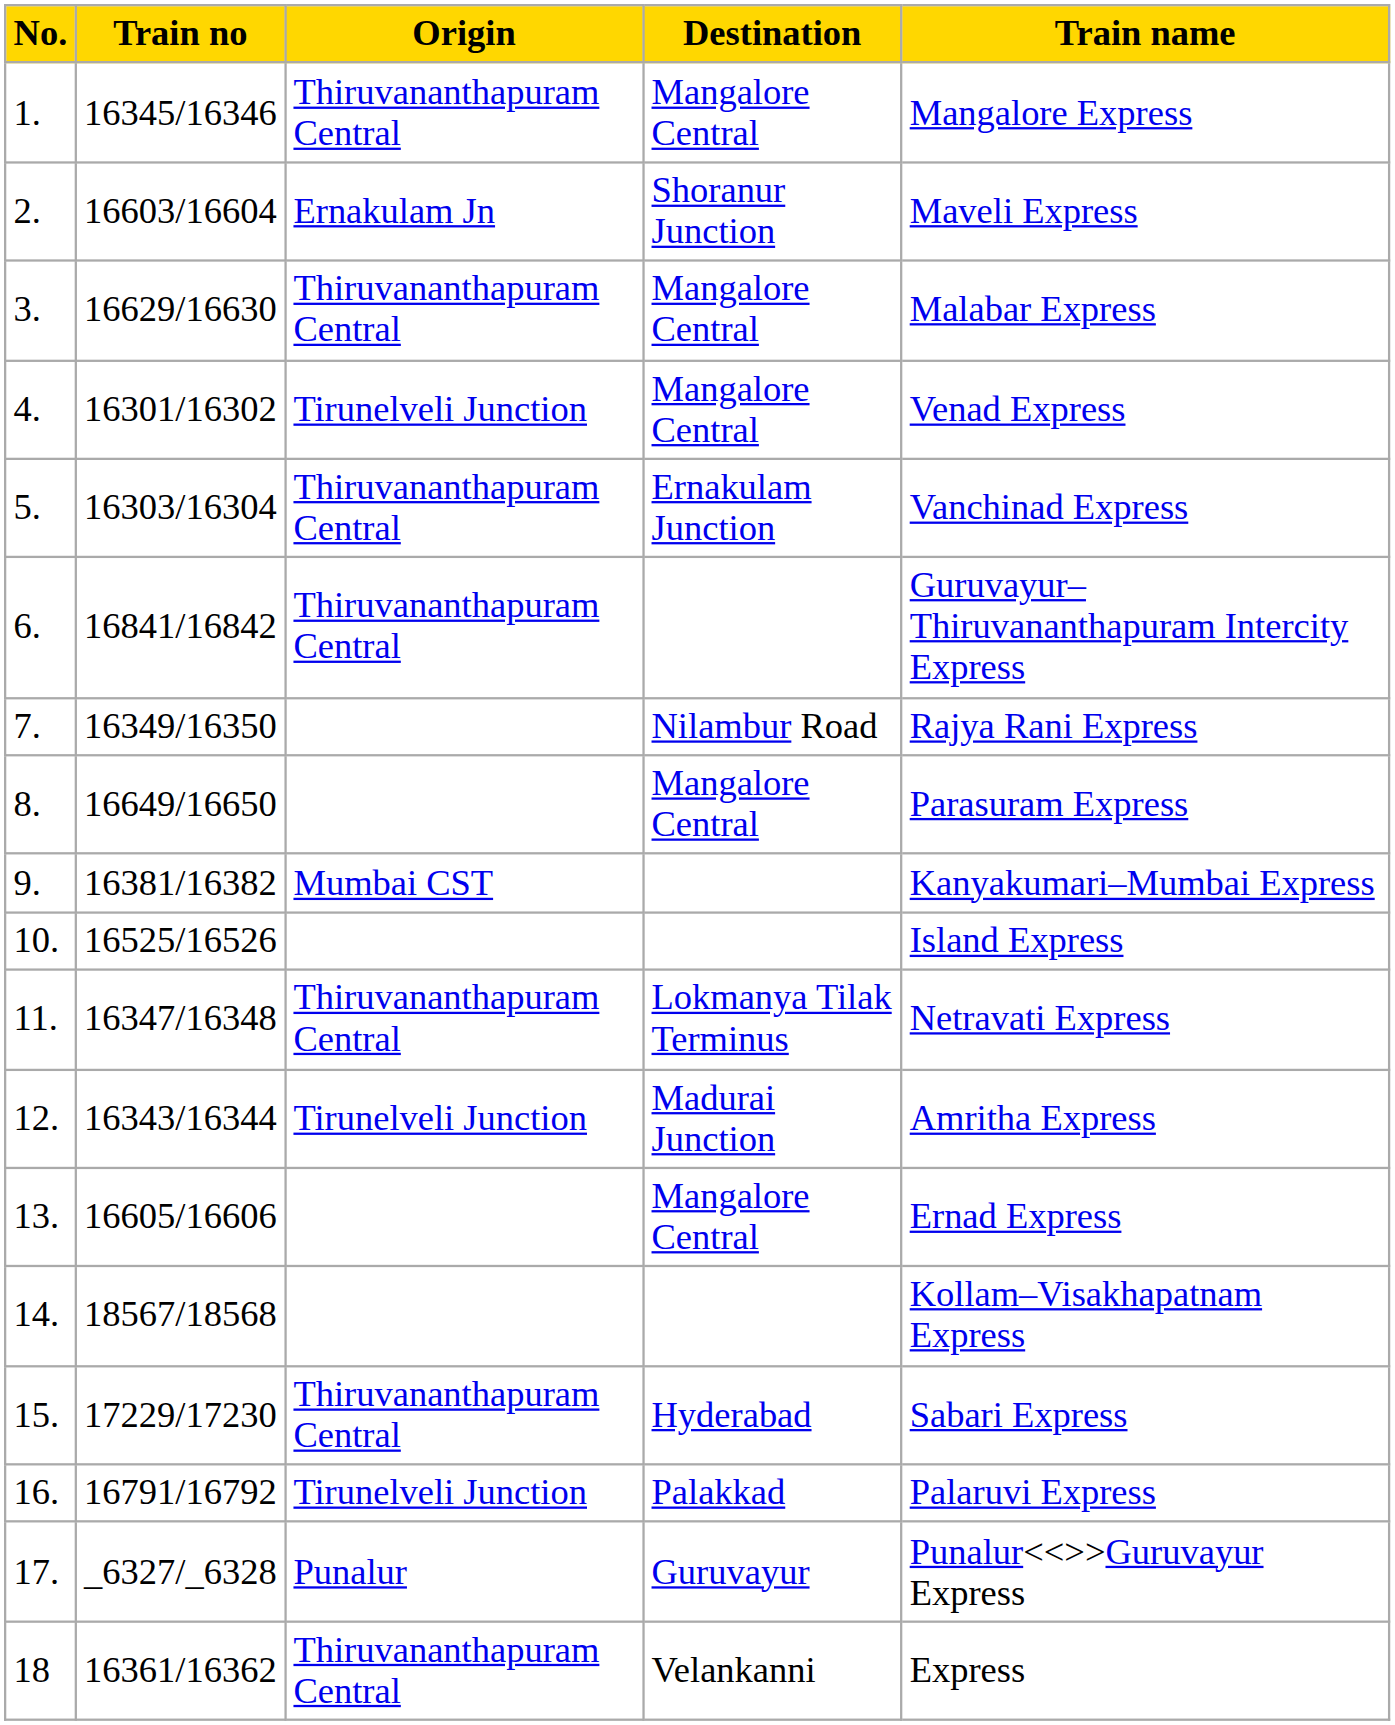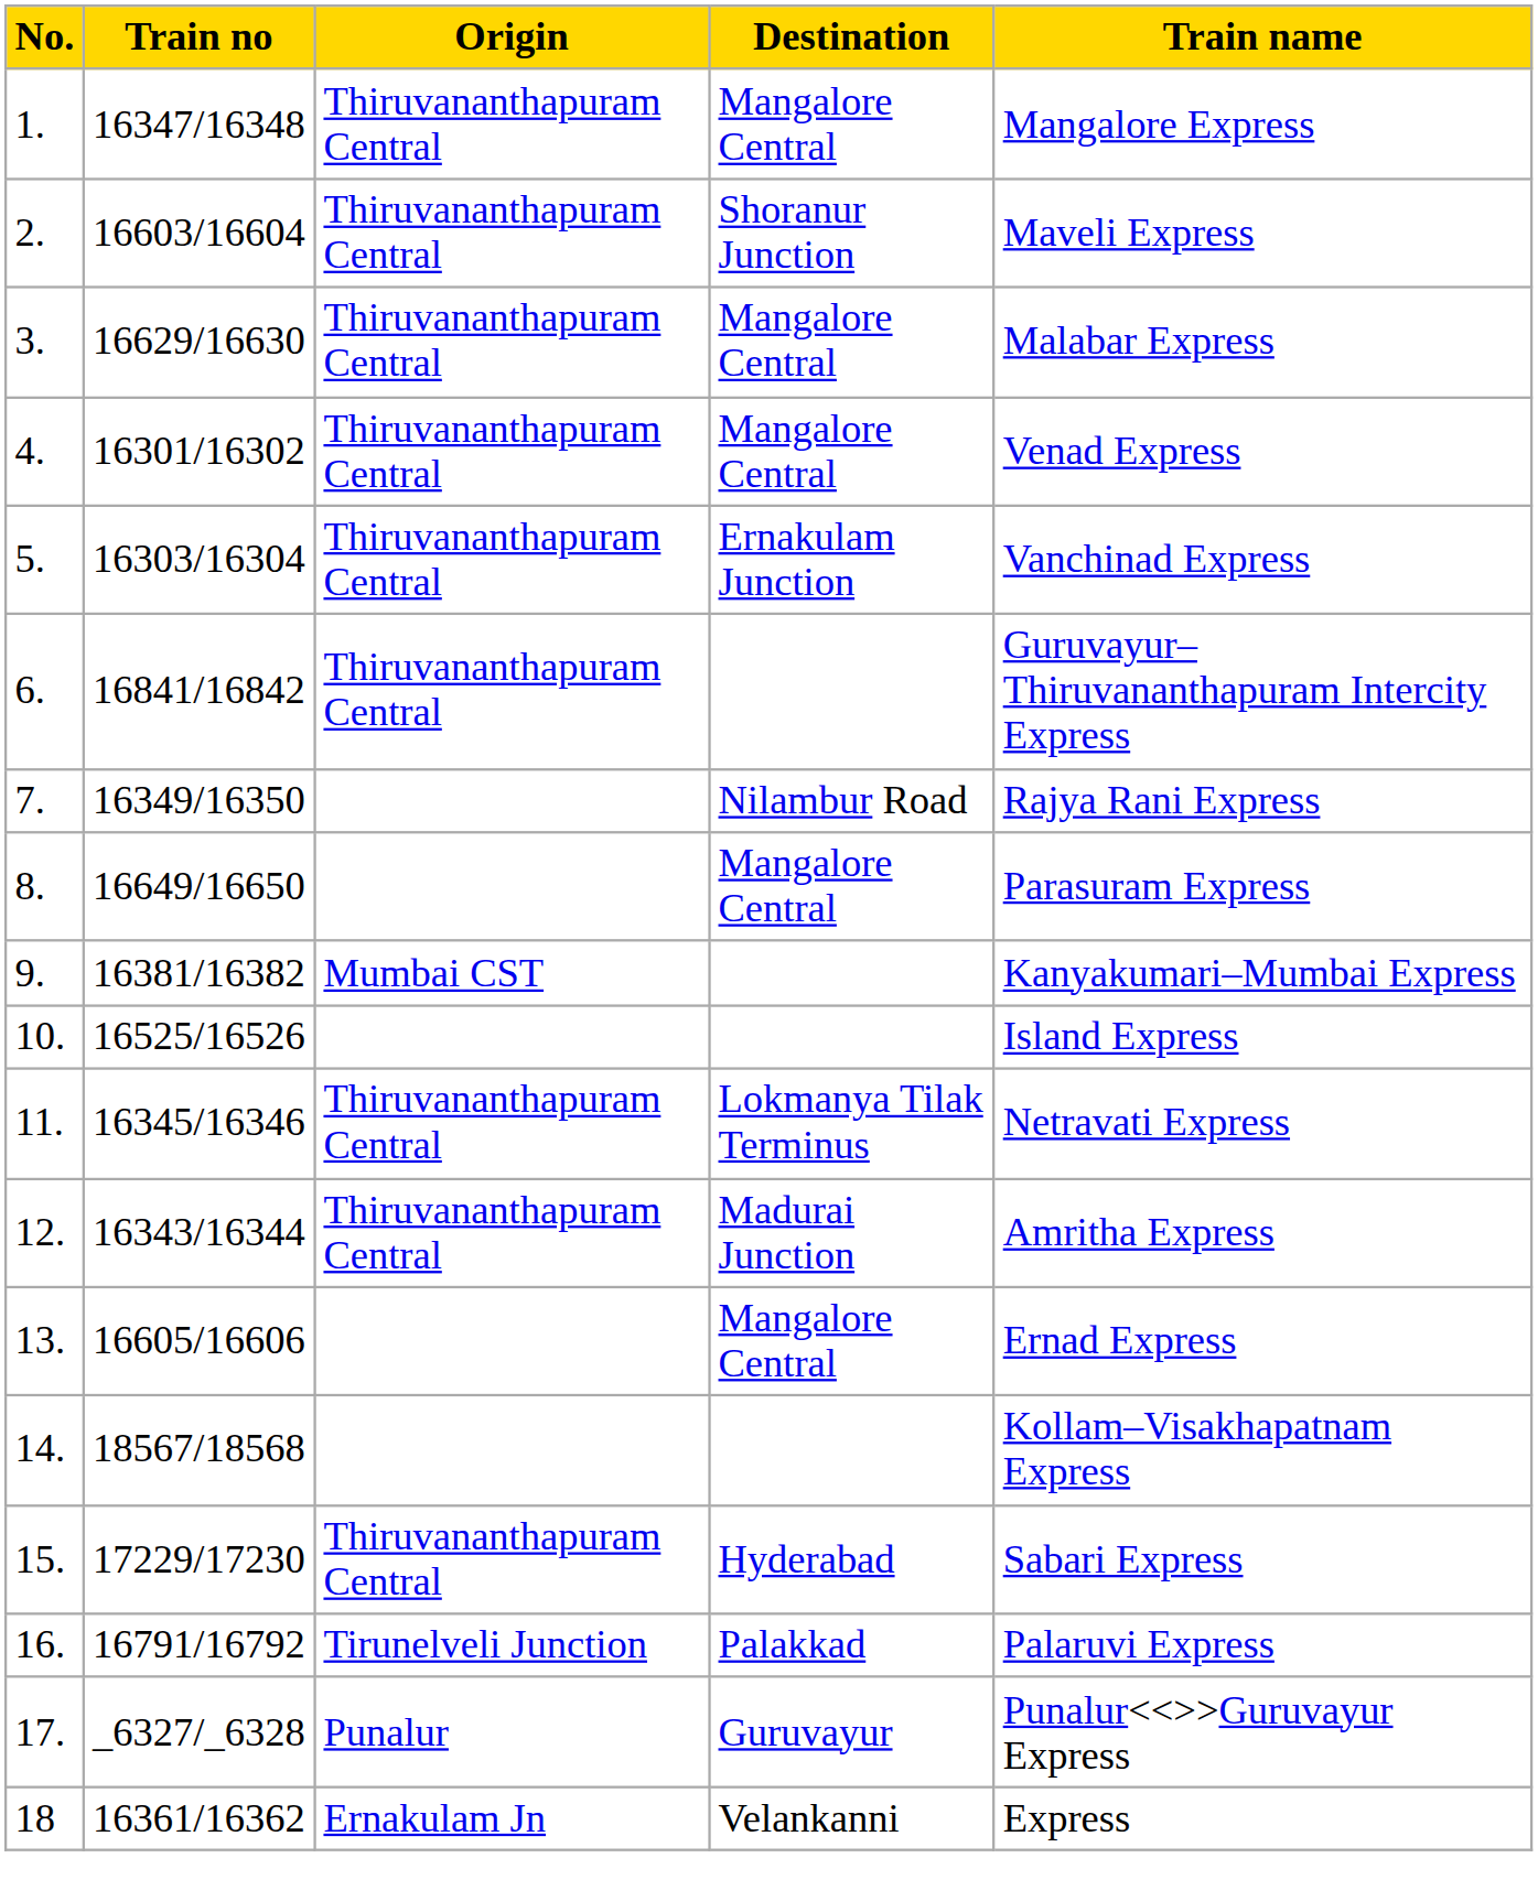 <table class="wikitable sortable" style="background:#fff;">
 <tr>
 <th style="background:gold;">No.</th>
 <th ! style="background:gold;">Train no</th>
 <th ! style="background:gold;">Origin</th>
 <th ! style="background:gold;">Destination</th>
 <th ! style="background:gold;">Train name</th>
 </tr>
 <tr>
 <td>1.</td>
-<td>16345/16346</td>
+<td>16347/16348</td>
 <td><a href='#'>Thiruvananthapuram Central</a></td>
 <td><a href='#'>Mangalore Central</a></td>
 <td><a href='#'>Mangalore Express</a></td>
 </tr>
 <tr>
 <td>2.</td>
 <td>16603/16604</td>
-<td><a href='#'>Ernakulam Jn</a></td>
+<td><a href='#'>Thiruvananthapuram Central</a></td>
 <td><a href='#'>Shoranur Junction</a></td>
 <td><a href='#'>Maveli Express</a></td>
 </tr>
 <tr>
 <td>3.</td>
 <td>16629/16630</td>
 <td><a href='#'>Thiruvananthapuram Central</a></td>
 <td><a href='#'>Mangalore Central</a></td>
 <td><a href='#'>Malabar Express</a></td>
 </tr>
 <tr>
 <td>4.</td>
 <td>16301/16302</td>
-<td><a href='#'> Tirunelveli Junction</a></td>
+<td><a href='#'>Thiruvananthapuram Central</a></td>
 <td><a href='#'>Mangalore Central</a></td>
 <td><a href='#'>Venad Express</a></td>
 </tr>
 <tr>
 <td>5.</td>
 <td>16303/16304</td>
 <td><a href='#'>Thiruvananthapuram Central</a></td>
 <td><a href='#'>Ernakulam Junction</a></td>
 <td><a href='#'>Vanchinad Express</a></td>
 </tr>
 <tr>
 <td>6.</td>
 <td>16841/16842</td>
 <td><a href='#'>Thiruvananthapuram Central</a></td>
 <td></td>
 <td><a href='#'>Guruvayur–Thiruvananthapuram Intercity Express</a></td>
 </tr>
 <tr>
 <td>7.</td>
 <td>16349/16350</td>
 <td></td>
 <td><a href='#'>Nilambur</a> Road</td>
 <td><a href='#'>Rajya Rani Express</a></td>
 </tr>
 <tr>
 <td>8.</td>
 <td>16649/16650</td>
 <td></td>
 <td><a href='#'>Mangalore Central</a></td>
 <td><a href='#'>Parasuram Express</a></td>
 </tr>
 <tr>
 <td>9.</td>
 <td>16381/16382</td>
 <td><a href='#'>Mumbai CST</a></td>
 <td></td>
 <td><a href='#'>Kanyakumari–Mumbai Express</a></td>
 </tr>
 <tr>
 <td>10.</td>
 <td>16525/16526</td>
 <td></td>
 <td></td>
 <td><a href='#'>Island Express</a></td>
 </tr>
 <tr>
 <td>11.</td>
-<td>16347/16348</td>
+<td>16345/16346</td>
 <td><a href='#'>Thiruvananthapuram Central</a></td>
 <td><a href='#'>Lokmanya Tilak Terminus</a></td>
 <td><a href='#'>Netravati Express</a></td>
 </tr>
 <tr>
 <td>12.</td>
 <td>16343/16344</td>
-<td><a href='#'> Tirunelveli Junction</a></td>
+<td><a href='#'>Thiruvananthapuram Central</a></td>
 <td><a href='#'>Madurai Junction</a></td>
 <td><a href='#'>Amritha Express</a></td>
 </tr>
 <tr>
 <td>13.</td>
 <td>16605/16606</td>
 <td></td>
 <td><a href='#'>Mangalore Central</a></td>
 <td><a href='#'>Ernad Express</a></td>
 </tr>
 <tr>
 <td>14.</td>
 <td>18567/18568</td>
 <td></td>
 <td></td>
 <td><a href='#'>Kollam–Visakhapatnam Express</a></td>
 </tr>
 <tr>
 <td>15.</td>
 <td>17229/17230</td>
 <td><a href='#'>Thiruvananthapuram Central</a></td>
 <td><a href='#'>Hyderabad</a></td>
 <td><a href='#'>Sabari Express</a></td>
 </tr>
 <tr>
 <td>16.</td>
 <td>16791/16792</td>
 <td><a href='#'> Tirunelveli Junction</a></td>
 <td><a href='#'>Palakkad</a></td>
 <td><a href='#'>Palaruvi Express</a></td>
 </tr>
 <tr>
 <td>17.</td>
 <td>_6327/_6328</td>
 <td><a href='#'>Punalur</a></td>
 <td><a href='#'>Guruvayur</a></td>
 <td><a href='#'>Punalur</a><<>><a href='#'>Guruvayur</a> Express</td>
 </tr>
 <tr>
 <td>18</td>
 <td>16361/16362</td>
-<td><a href='#'>Thiruvananthapuram Central</a></td>
+<td><a href='#'>Ernakulam Jn</a></td>
 <td>Velankanni</td>
 <td>Express</td>
 </tr>
 </table>
